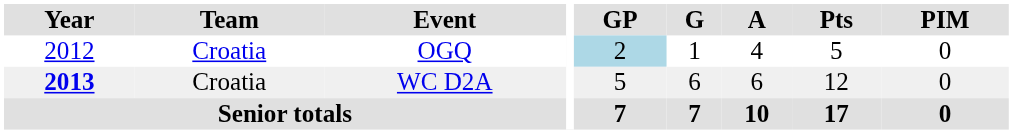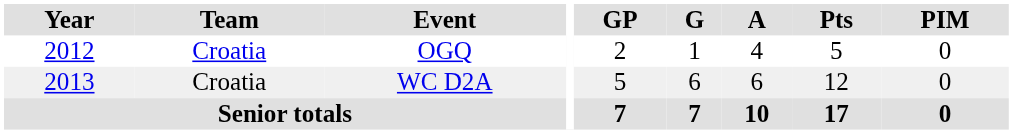 <table border="0" cellpadding="1" cellspacing="0" ID="Table3" style="text-align:center; width:40em">
 <tr ALIGN="center" bgcolor="#e0e0e0">
 <th>Year</th>
 <th>Team</th>
 <th>Event</th>
 <th rowspan="99" bgcolor="#ffffff"></th>
 <th>GP</th>
 <th>G</th>
 <th>A</th>
 <th>Pts</th>
 <th>PIM</th>
 </tr>
 <tr>
 <td><a href='#'>2012</a></td>
 <td><a href='#'>Croatia</a></td>
 <td><a href='#'>OGQ</a></td>
-<td style="background: lightblue;">2</td>
+<td>2</td>
 <td>1</td>
 <td>4</td>
 <td>5</td>
 <td>0</td>
 </tr>
 <tr bgcolor="#f0f0f0">
-<td><strong><a href='#'>2013</a></strong></td>
+<td><a href='#'>2013</a></td>
 <td>Croatia</td>
 <td><a href='#'>WC D2A</a></td>
 <td>5</td>
 <td>6</td>
 <td>6</td>
 <td>12</td>
 <td>0</td>
 </tr>
 <tr bgcolor="#e0e0e0">
 <th colspan="3">Senior totals</th>
 <th>7</th>
 <th>7</th>
 <th>10</th>
 <th>17</th>
 <th>0</th>
 </tr>
 </table>
